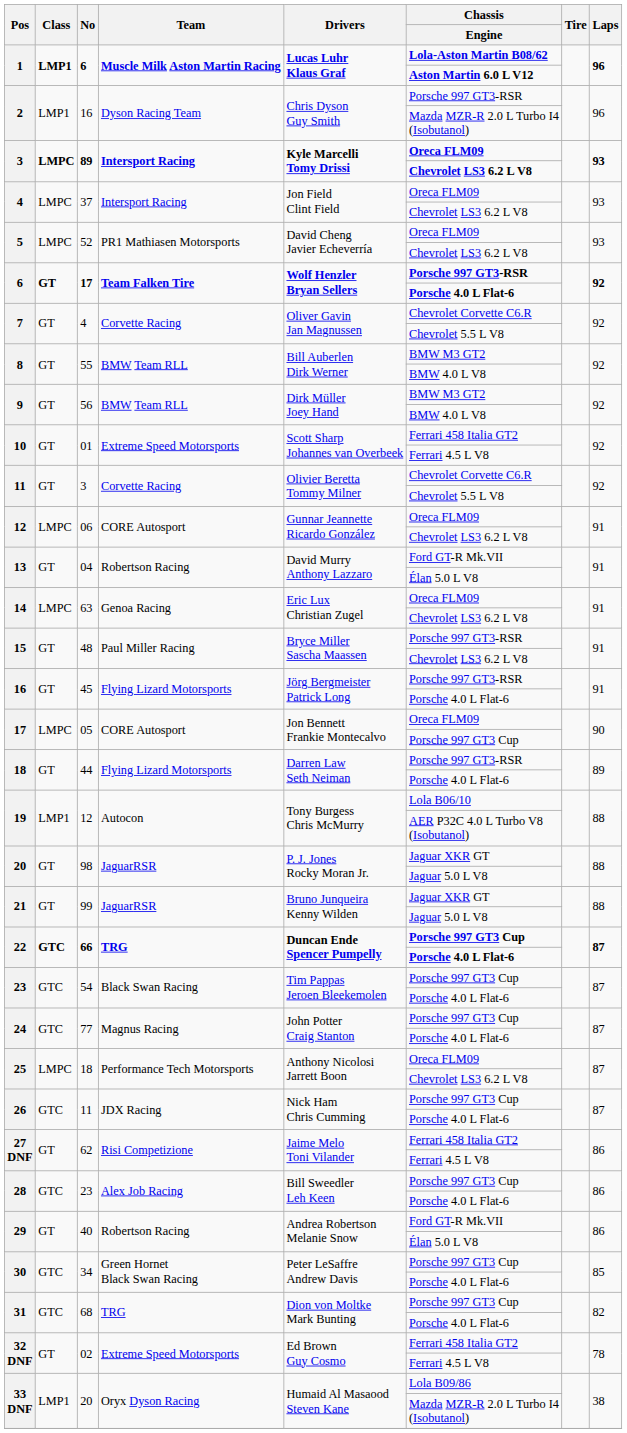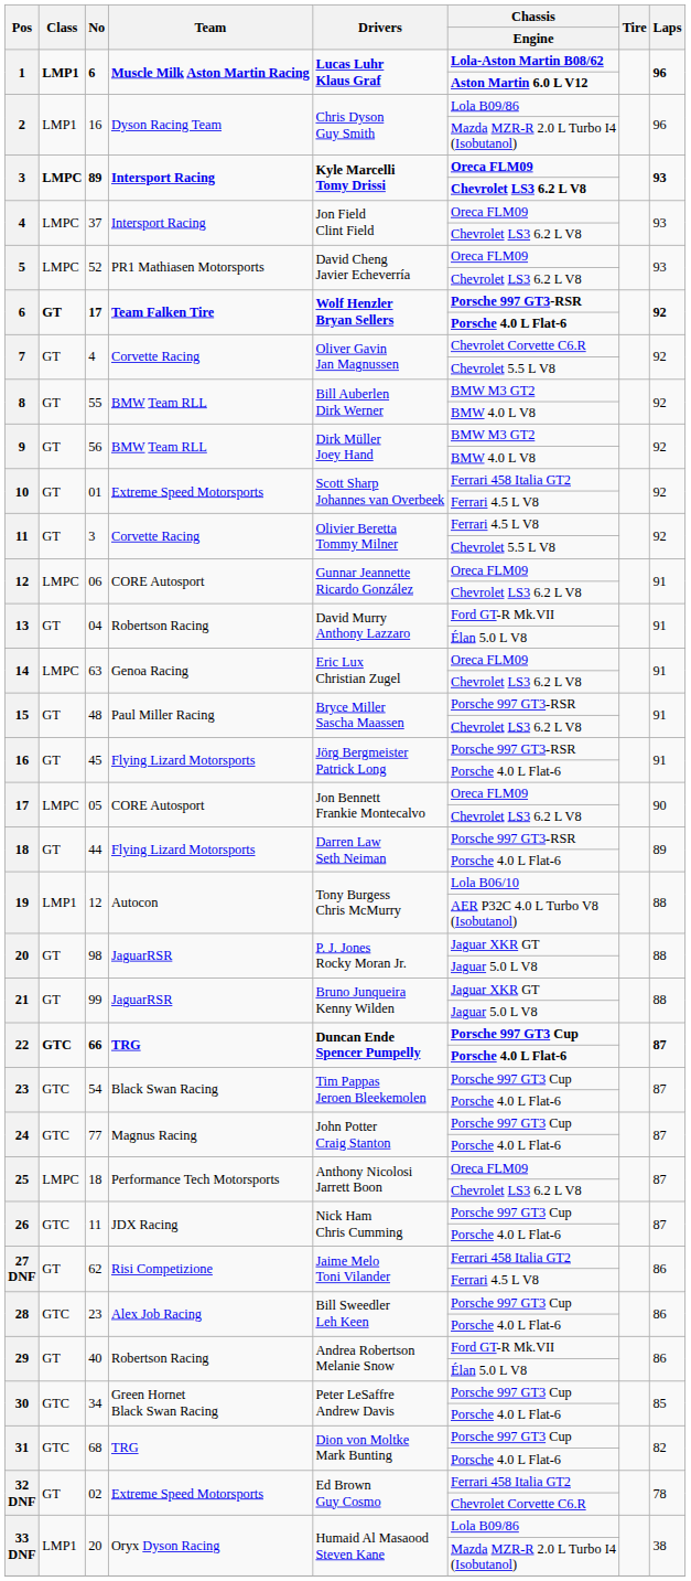 <table class="wikitable" style="font-size: 95%;">
 <tr>
 <th rowspan=2>Pos</th>
 <th rowspan=2>Class</th>
 <th rowspan=2>No</th>
 <th rowspan=2>Team</th>
 <th rowspan=2>Drivers</th>
 <th>Chassis</th>
 <th rowspan=2>Tire</th>
 <th rowspan=2>Laps</th>
 </tr>
 <tr>
 <th>Engine</th>
 </tr>
 <tr style="font-weight:bold">
 <th rowspan=2>1</th>
 <td rowspan=2>LMP1</td>
 <td rowspan=2>6</td>
 <td rowspan=2> <a href='#'>Muscle Milk</a> <a href='#'>Aston Martin Racing</a></td>
 <td rowspan=2> <a href='#'>Lucas Luhr</a><br> <a href='#'>Klaus Graf</a></td>
 <td><a href='#'>Lola-Aston Martin B08/62</a></td>
 <td rowspan=2></td>
 <td rowspan=2>96</td>
 </tr>
 <tr style="font-weight:bold">
 <td><a href='#'>Aston Martin</a> 6.0 L V12</td>
 </tr>
 <tr>
 <th rowspan=2>2</th>
 <td rowspan=2>LMP1</td>
 <td rowspan=2>16</td>
 <td rowspan=2> <a href='#'>Dyson Racing Team</a></td>
 <td rowspan=2> <a href='#'>Chris Dyson</a><br> <a href='#'>Guy Smith</a></td>
-<td><a href='#'>Porsche 997 GT3</a>-RSR</td>
+<td><a href='#'>Lola B09/86</a></td>
 <td rowspan=2></td>
 <td rowspan=2>96</td>
 </tr>
 <tr>
 <td><a href='#'>Mazda</a> <a href='#'>MZR-R</a> 2.0 L Turbo I4<br>(<a href='#'>Isobutanol</a>)</td>
 </tr>
 <tr style="font-weight:bold">
 <th rowspan=2>3</th>
 <td rowspan=2>LMPC</td>
 <td rowspan=2>89</td>
 <td rowspan=2> <a href='#'>Intersport Racing</a></td>
 <td rowspan=2> Kyle Marcelli<br> <a href='#'>Tomy Drissi</a></td>
 <td><a href='#'>Oreca FLM09</a></td>
 <td rowspan=2></td>
 <td rowspan=2>93</td>
 </tr>
 <tr style="font-weight:bold">
 <td><a href='#'>Chevrolet</a> <a href='#'>LS3</a> 6.2 L V8</td>
 </tr>
 <tr>
 <th rowspan=2>4</th>
 <td rowspan=2>LMPC</td>
 <td rowspan=2>37</td>
 <td rowspan=2> <a href='#'>Intersport Racing</a></td>
 <td rowspan=2> Jon Field<br> Clint Field</td>
 <td><a href='#'>Oreca FLM09</a></td>
 <td rowspan=2></td>
 <td rowspan=2>93</td>
 </tr>
 <tr>
 <td><a href='#'>Chevrolet</a> <a href='#'>LS3</a> 6.2 L V8</td>
 </tr>
 <tr>
 <th rowspan=2>5</th>
 <td rowspan=2>LMPC</td>
 <td rowspan=2>52</td>
 <td rowspan=2> PR1 Mathiasen Motorsports</td>
 <td rowspan=2> David Cheng<br> Javier Echeverría</td>
 <td><a href='#'>Oreca FLM09</a></td>
 <td rowspan=2></td>
 <td rowspan=2>93</td>
 </tr>
 <tr>
 <td><a href='#'>Chevrolet</a> <a href='#'>LS3</a> 6.2 L V8</td>
 </tr>
 <tr style="font-weight:bold">
 <th rowspan=2>6</th>
 <td rowspan=2>GT</td>
 <td rowspan=2>17</td>
 <td rowspan=2> <a href='#'>Team Falken Tire</a></td>
 <td rowspan=2> <a href='#'>Wolf Henzler</a><br> <a href='#'>Bryan Sellers</a></td>
 <td><a href='#'>Porsche 997 GT3</a>-RSR</td>
 <td rowspan=2></td>
 <td rowspan=2>92</td>
 </tr>
 <tr style="font-weight:bold">
 <td><a href='#'>Porsche</a> 4.0 L Flat-6</td>
 </tr>
 <tr>
 <th rowspan=2>7</th>
 <td rowspan=2>GT</td>
 <td rowspan=2>4</td>
 <td rowspan=2> <a href='#'>Corvette Racing</a></td>
 <td rowspan=2> <a href='#'>Oliver Gavin</a><br> <a href='#'>Jan Magnussen</a></td>
 <td><a href='#'>Chevrolet Corvette C6.R</a></td>
 <td rowspan=2></td>
 <td rowspan=2>92</td>
 </tr>
 <tr>
 <td><a href='#'>Chevrolet</a> 5.5 L V8</td>
 </tr>
 <tr>
 <th rowspan=2>8</th>
 <td rowspan=2>GT</td>
 <td rowspan=2>55</td>
 <td rowspan=2> <a href='#'>BMW</a> <a href='#'>Team RLL</a></td>
 <td rowspan=2> <a href='#'>Bill Auberlen</a><br> <a href='#'>Dirk Werner</a></td>
 <td><a href='#'>BMW M3 GT2</a></td>
 <td rowspan=2></td>
 <td rowspan=2>92</td>
 </tr>
 <tr>
 <td><a href='#'>BMW</a> 4.0 L V8</td>
 </tr>
 <tr>
 <th rowspan=2>9</th>
 <td rowspan=2>GT</td>
 <td rowspan=2>56</td>
 <td rowspan=2> <a href='#'>BMW</a> <a href='#'>Team RLL</a></td>
 <td rowspan=2> <a href='#'>Dirk Müller</a><br> <a href='#'>Joey Hand</a></td>
 <td><a href='#'>BMW M3 GT2</a></td>
 <td rowspan=2></td>
 <td rowspan=2>92</td>
 </tr>
 <tr>
 <td><a href='#'>BMW</a> 4.0 L V8</td>
 </tr>
 <tr>
 <th rowspan=2>10</th>
 <td rowspan=2>GT</td>
 <td rowspan=2>01</td>
 <td rowspan=2> <a href='#'>Extreme Speed Motorsports</a></td>
 <td rowspan=2> <a href='#'>Scott Sharp</a><br> <a href='#'>Johannes van Overbeek</a></td>
 <td><a href='#'>Ferrari 458 Italia GT2</a></td>
 <td rowspan=2></td>
 <td rowspan=2>92</td>
 </tr>
 <tr>
 <td><a href='#'>Ferrari</a> 4.5 L V8</td>
 </tr>
 <tr>
 <th rowspan=2>11</th>
 <td rowspan=2>GT</td>
 <td rowspan=2>3</td>
 <td rowspan=2> <a href='#'>Corvette Racing</a></td>
 <td rowspan=2> <a href='#'>Olivier Beretta</a><br> <a href='#'>Tommy Milner</a></td>
-<td><a href='#'>Chevrolet Corvette C6.R</a></td>
+<td><a href='#'>Ferrari</a> 4.5 L V8</td>
 <td rowspan=2></td>
 <td rowspan=2>92</td>
 </tr>
 <tr>
 <td><a href='#'>Chevrolet</a> 5.5 L V8</td>
 </tr>
 <tr>
 <th rowspan=2>12</th>
 <td rowspan=2>LMPC</td>
 <td rowspan=2>06</td>
 <td rowspan=2> CORE Autosport</td>
 <td rowspan=2> <a href='#'>Gunnar Jeannette</a><br> <a href='#'>Ricardo González</a></td>
 <td><a href='#'>Oreca FLM09</a></td>
 <td rowspan=2></td>
 <td rowspan=2>91</td>
 </tr>
 <tr>
 <td><a href='#'>Chevrolet</a> <a href='#'>LS3</a> 6.2 L V8</td>
 </tr>
 <tr>
 <th rowspan=2>13</th>
 <td rowspan=2>GT</td>
 <td rowspan=2>04</td>
 <td rowspan=2> Robertson Racing</td>
 <td rowspan=2> David Murry<br> <a href='#'>Anthony Lazzaro</a></td>
 <td><a href='#'>Ford GT</a>-R Mk.VII</td>
 <td rowspan=2></td>
 <td rowspan=2>91</td>
 </tr>
 <tr>
 <td><a href='#'>Élan</a> 5.0 L V8</td>
 </tr>
 <tr>
 <th rowspan=2>14</th>
 <td rowspan=2>LMPC</td>
 <td rowspan=2>63</td>
 <td rowspan=2> Genoa Racing</td>
 <td rowspan=2> <a href='#'>Eric Lux</a><br> Christian Zugel</td>
 <td><a href='#'>Oreca FLM09</a></td>
 <td rowspan=2></td>
 <td rowspan=2>91</td>
 </tr>
 <tr>
 <td><a href='#'>Chevrolet</a> <a href='#'>LS3</a> 6.2 L V8</td>
 </tr>
 <tr>
 <th rowspan=2>15</th>
 <td rowspan=2>GT</td>
 <td rowspan=2>48</td>
 <td rowspan=2> Paul Miller Racing</td>
 <td rowspan=2> <a href='#'>Bryce Miller</a><br> <a href='#'>Sascha Maassen</a></td>
 <td><a href='#'>Porsche 997 GT3</a>-RSR</td>
 <td rowspan=2></td>
 <td rowspan=2>91</td>
 </tr>
 <tr>
 <td><a href='#'>Chevrolet</a> <a href='#'>LS3</a> 6.2 L V8</td>
 </tr>
 <tr>
 <th rowspan=2>16</th>
 <td rowspan=2>GT</td>
 <td rowspan=2>45</td>
 <td rowspan=2> <a href='#'>Flying Lizard Motorsports</a></td>
 <td rowspan=2> <a href='#'>Jörg Bergmeister</a><br> <a href='#'>Patrick Long</a></td>
 <td><a href='#'>Porsche 997 GT3</a>-RSR</td>
 <td rowspan=2></td>
 <td rowspan=2>91</td>
 </tr>
 <tr>
 <td><a href='#'>Porsche</a> 4.0 L Flat-6</td>
 </tr>
 <tr>
 <th rowspan=2>17</th>
 <td rowspan=2>LMPC</td>
 <td rowspan=2>05</td>
 <td rowspan=2> CORE Autosport</td>
 <td rowspan=2> Jon Bennett<br> Frankie Montecalvo</td>
 <td><a href='#'>Oreca FLM09</a></td>
 <td rowspan=2></td>
 <td rowspan=2>90</td>
 </tr>
 <tr>
-<td><a href='#'>Porsche 997 GT3</a> Cup</td>
+<td><a href='#'>Chevrolet</a> <a href='#'>LS3</a> 6.2 L V8</td>
 </tr>
 <tr>
 <th rowspan=2>18</th>
 <td rowspan=2>GT</td>
 <td rowspan=2>44</td>
 <td rowspan=2> <a href='#'>Flying Lizard Motorsports</a></td>
 <td rowspan=2> <a href='#'>Darren Law</a><br> <a href='#'>Seth Neiman</a></td>
 <td><a href='#'>Porsche 997 GT3</a>-RSR</td>
 <td rowspan=2></td>
 <td rowspan=2>89</td>
 </tr>
 <tr>
 <td><a href='#'>Porsche</a> 4.0 L Flat-6</td>
 </tr>
 <tr>
 <th rowspan=2>19</th>
 <td rowspan=2>LMP1</td>
 <td rowspan=2>12</td>
 <td rowspan=2> Autocon</td>
 <td rowspan=2> Tony Burgess<br> Chris McMurry</td>
 <td><a href='#'>Lola B06/10</a></td>
 <td rowspan=2></td>
 <td rowspan=2>88</td>
 </tr>
 <tr>
 <td><a href='#'>AER</a> P32C 4.0 L Turbo V8<br>(<a href='#'>Isobutanol</a>)</td>
 </tr>
 <tr>
 <th rowspan=2>20</th>
 <td rowspan=2>GT</td>
 <td rowspan=2>98</td>
 <td rowspan=2> <a href='#'>Jaguar</a><a href='#'>RSR</a></td>
 <td rowspan=2> <a href='#'>P. J. Jones</a><br> Rocky Moran Jr.</td>
 <td><a href='#'>Jaguar XKR</a> GT</td>
 <td rowspan=2></td>
 <td rowspan=2>88</td>
 </tr>
 <tr>
 <td><a href='#'>Jaguar</a> 5.0 L V8</td>
 </tr>
 <tr>
 <th rowspan=2>21</th>
 <td rowspan=2>GT</td>
 <td rowspan=2>99</td>
 <td rowspan=2> <a href='#'>Jaguar</a><a href='#'>RSR</a></td>
 <td rowspan=2> <a href='#'>Bruno Junqueira</a><br> Kenny Wilden</td>
 <td><a href='#'>Jaguar XKR</a> GT</td>
 <td rowspan=2></td>
 <td rowspan=2>88</td>
 </tr>
 <tr>
 <td><a href='#'>Jaguar</a> 5.0 L V8</td>
 </tr>
 <tr style="font-weight:bold">
 <th rowspan=2>22</th>
 <td rowspan=2>GTC</td>
 <td rowspan=2>66</td>
 <td rowspan=2> <a href='#'>TRG</a></td>
 <td rowspan=2> Duncan Ende<br> <a href='#'>Spencer Pumpelly</a></td>
 <td><a href='#'>Porsche 997 GT3</a> Cup</td>
 <td rowspan=2></td>
 <td rowspan=2>87</td>
 </tr>
 <tr style="font-weight:bold">
 <td><a href='#'>Porsche</a> 4.0 L Flat-6</td>
 </tr>
 <tr>
 <th rowspan=2>23</th>
 <td rowspan=2>GTC</td>
 <td rowspan=2>54</td>
 <td rowspan=2> Black Swan Racing</td>
 <td rowspan=2> <a href='#'>Tim Pappas</a><br> <a href='#'>Jeroen Bleekemolen</a></td>
 <td><a href='#'>Porsche 997 GT3</a> Cup</td>
 <td rowspan=2></td>
 <td rowspan=2>87</td>
 </tr>
 <tr>
 <td><a href='#'>Porsche</a> 4.0 L Flat-6</td>
 </tr>
 <tr>
 <th rowspan=2>24</th>
 <td rowspan=2>GTC</td>
 <td rowspan=2>77</td>
 <td rowspan=2> Magnus Racing</td>
 <td rowspan=2> John Potter<br> <a href='#'>Craig Stanton</a></td>
 <td><a href='#'>Porsche 997 GT3</a> Cup</td>
 <td rowspan=2></td>
 <td rowspan=2>87</td>
 </tr>
 <tr>
 <td><a href='#'>Porsche</a> 4.0 L Flat-6</td>
 </tr>
 <tr>
 <th rowspan=2>25</th>
 <td rowspan=2>LMPC</td>
 <td rowspan=2>18</td>
 <td rowspan=2> Performance Tech Motorsports</td>
 <td rowspan=2> Anthony Nicolosi<br> Jarrett Boon</td>
 <td><a href='#'>Oreca FLM09</a></td>
 <td rowspan=2></td>
 <td rowspan=2>87</td>
 </tr>
 <tr>
 <td><a href='#'>Chevrolet</a> <a href='#'>LS3</a> 6.2 L V8</td>
 </tr>
 <tr>
 <th rowspan=2>26</th>
 <td rowspan=2>GTC</td>
 <td rowspan=2>11</td>
 <td rowspan=2> JDX Racing</td>
 <td rowspan=2> Nick Ham<br> Chris Cumming</td>
 <td><a href='#'>Porsche 997 GT3</a> Cup</td>
 <td rowspan=2></td>
 <td rowspan=2>87</td>
 </tr>
 <tr>
 <td><a href='#'>Porsche</a> 4.0 L Flat-6</td>
 </tr>
 <tr>
 <th rowspan=2>27<br>DNF</th>
 <td rowspan=2>GT</td>
 <td rowspan=2>62</td>
 <td rowspan=2> <a href='#'>Risi Competizione</a></td>
 <td rowspan=2> <a href='#'>Jaime Melo</a><br> <a href='#'>Toni Vilander</a></td>
 <td><a href='#'>Ferrari 458 Italia GT2</a></td>
 <td rowspan=2></td>
 <td rowspan=2>86</td>
 </tr>
 <tr>
 <td><a href='#'>Ferrari</a> 4.5 L V8</td>
 </tr>
 <tr>
 <th rowspan=2>28</th>
 <td rowspan=2>GTC</td>
 <td rowspan=2>23</td>
 <td rowspan=2> <a href='#'>Alex Job Racing</a></td>
 <td rowspan=2> Bill Sweedler<br> <a href='#'>Leh Keen</a></td>
 <td><a href='#'>Porsche 997 GT3</a> Cup</td>
 <td rowspan=2></td>
 <td rowspan=2>86</td>
 </tr>
 <tr>
 <td><a href='#'>Porsche</a> 4.0 L Flat-6</td>
 </tr>
 <tr>
 <th rowspan=2>29</th>
 <td rowspan=2>GT</td>
 <td rowspan=2>40</td>
 <td rowspan=2> Robertson Racing</td>
 <td rowspan=2> Andrea Robertson<br> Melanie Snow</td>
 <td><a href='#'>Ford GT</a>-R Mk.VII</td>
 <td rowspan=2></td>
 <td rowspan=2>86</td>
 </tr>
 <tr>
 <td><a href='#'>Élan</a> 5.0 L V8</td>
 </tr>
 <tr>
 <th rowspan=2>30</th>
 <td rowspan=2>GTC</td>
 <td rowspan=2>34</td>
 <td rowspan=2> Green Hornet<br> Black Swan Racing</td>
 <td rowspan=2> Peter LeSaffre<br> Andrew Davis</td>
 <td><a href='#'>Porsche 997 GT3</a> Cup</td>
 <td rowspan=2></td>
 <td rowspan=2>85</td>
 </tr>
 <tr>
 <td><a href='#'>Porsche</a> 4.0 L Flat-6</td>
 </tr>
 <tr>
 <th rowspan=2>31</th>
 <td rowspan=2>GTC</td>
 <td rowspan=2>68</td>
 <td rowspan=2> <a href='#'>TRG</a></td>
 <td rowspan=2> <a href='#'>Dion von Moltke</a><br> Mark Bunting</td>
 <td><a href='#'>Porsche 997 GT3</a> Cup</td>
 <td rowspan=2></td>
 <td rowspan=2>82</td>
 </tr>
 <tr>
 <td><a href='#'>Porsche</a> 4.0 L Flat-6</td>
 </tr>
 <tr>
 <th rowspan=2>32<br>DNF</th>
 <td rowspan=2>GT</td>
 <td rowspan=2>02</td>
 <td rowspan=2> <a href='#'>Extreme Speed Motorsports</a></td>
 <td rowspan=2> Ed Brown<br> <a href='#'>Guy Cosmo</a></td>
 <td><a href='#'>Ferrari 458 Italia GT2</a></td>
 <td rowspan=2></td>
 <td rowspan=2>78</td>
 </tr>
 <tr>
-<td><a href='#'>Ferrari</a> 4.5 L V8</td>
+<td><a href='#'>Chevrolet Corvette C6.R</a></td>
 </tr>
 <tr>
 <th rowspan=2>33<br>DNF</th>
 <td rowspan=2>LMP1</td>
 <td rowspan=2>20</td>
 <td rowspan=2> Oryx <a href='#'>Dyson Racing</a></td>
 <td rowspan=2> Humaid Al Masaood<br> <a href='#'>Steven Kane</a></td>
 <td><a href='#'>Lola B09/86</a></td>
 <td rowspan=2></td>
 <td rowspan=2>38</td>
 </tr>
 <tr>
 <td><a href='#'>Mazda</a> <a href='#'>MZR-R</a> 2.0 L Turbo I4<br>(<a href='#'>Isobutanol</a>)</td>
 </tr>
 <tr>
 </tr>
 </table>
